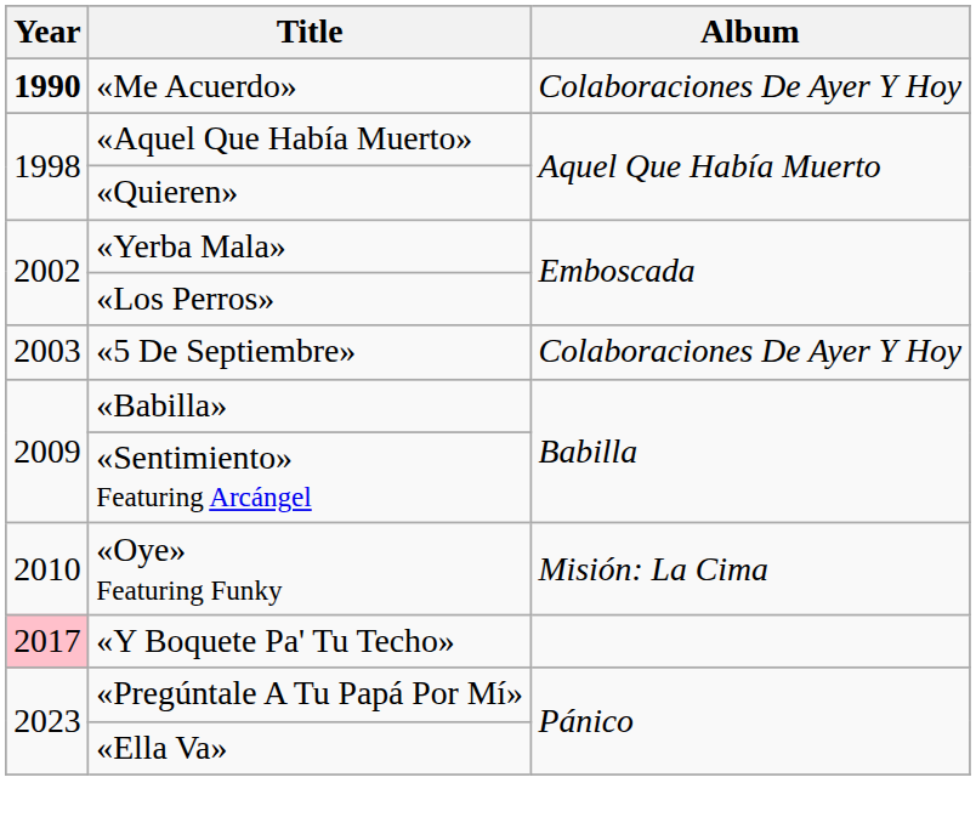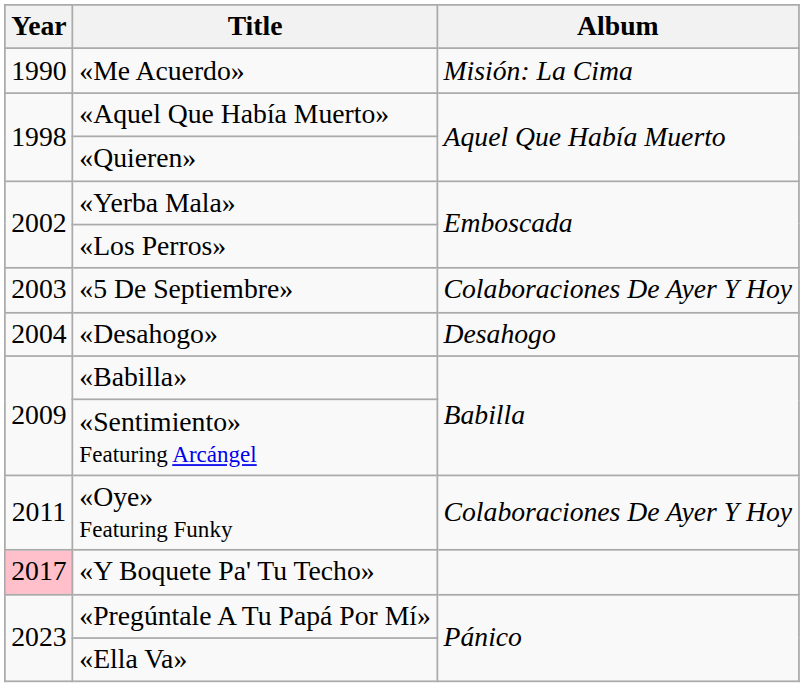 <table class="wikitable">
 <tr>
 <th align="center">Year</th>
 <th align="center">Title</th>
 <th align="center">Album</th>
 </tr>
 <tr>
-<td align="center"><strong>1990</strong></td>
+<td align="center">1990</td>
 <td>«Me Acuerdo»</td>
-<td><em>Colaboraciones De Ayer Y Hoy</em></td>
+<td><em>Misión: La Cima</em></td>
 </tr>
 <tr>
 <td align="center" rowspan="2">1998</td>
 <td>«Aquel Que Había Muerto»</td>
 <td rowspan="2"><em>Aquel Que Había Muerto</em></td>
 </tr>
 <tr>
 <td>«Quieren»</td>
 </tr>
 <tr>
 <td align="center" rowspan="2">2002</td>
 <td>«Yerba Mala»</td>
 <td rowspan="2"><em>Emboscada</em></td>
 </tr>
 <tr>
 <td>«Los Perros»</td>
 </tr>
 <tr>
 <td align="center">2003</td>
 <td>«5 De Septiembre»</td>
 <td><em>Colaboraciones De Ayer Y Hoy</em></td>
 </tr>
 <tr>
+<td align="center">2004</td>
+<td>«Desahogo»</td>
+<td><em>Desahogo</em></td>
+</tr>
+<tr>
 <td align="center" rowspan="2">2009</td>
 <td>«Babilla»</td>
 <td rowspan="2'"><em>Babilla</em></td>
 </tr>
 <tr>
 <td>«Sentimiento»<br><small>Featuring <a href='#'>Arcángel</a></small></td>
 </tr>
 <tr>
-<td align="center">2010</td>
+<td align="center">2011</td>
 <td>«Oye»<br><small>Featuring Funky</small></td>
-<td><em>Misión: La Cima</em></td>
+<td><em>Colaboraciones De Ayer Y Hoy</em></td>
 </tr>
 <tr>
 <td style="background: pink;">2017</td>
 <td>«Y Boquete Pa' Tu Techo»</td>
 <td></td>
 </tr>
 <tr>
 <td rowspan="2">2023</td>
 <td>«Pregúntale A Tu Papá Por Mí»</td>
 <td rowspan="2"><em>Pánico</em></td>
 </tr>
 <tr>
 <td>«Ella Va»</td>
 </tr>
 </table>
